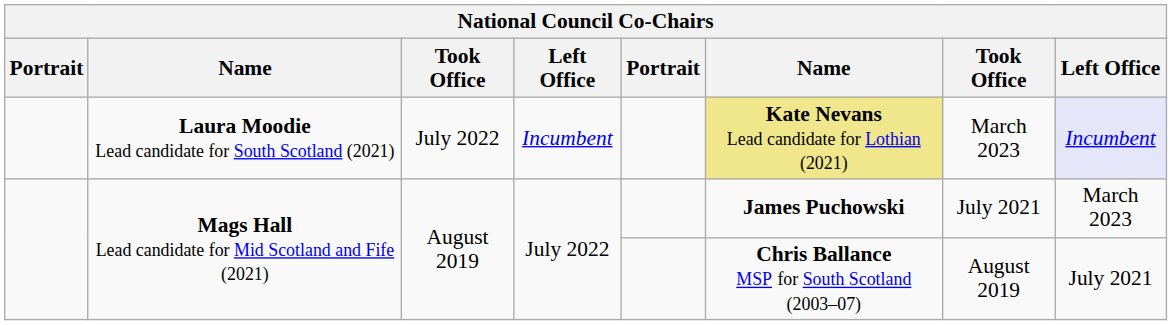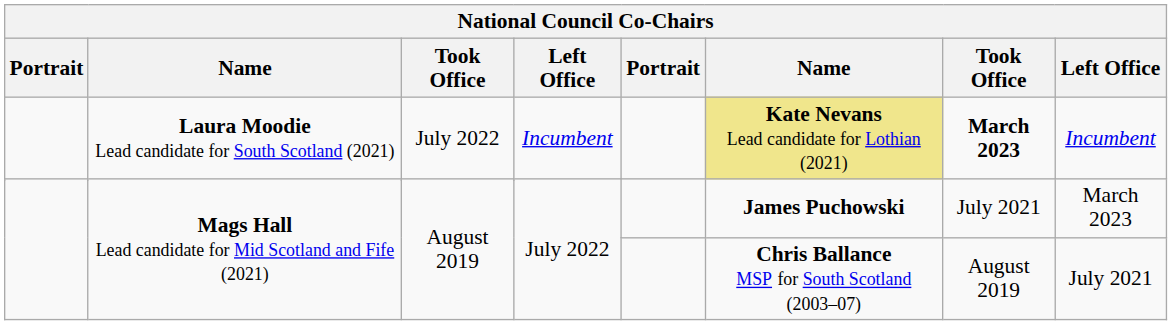 <table class="wikitable"style="text-align:center">
 <tr>
 <th colspan="8">National Council Co-Chairs</th>
 </tr>
 <tr>
 <th><strong>Portrait</strong></th>
 <th><strong>Name</strong></th>
 <th><strong>Took Office</strong></th>
 <th><strong>Left Office</strong></th>
 <th><strong>Portrait</strong></th>
 <th><strong>Name</strong></th>
 <th><strong>Took Office</strong></th>
 <th><strong>Left Office</strong></th>
 </tr>
 <tr>
 <td rowspan="2"></td>
 <td rowspan="2"><strong>Laura Moodie</strong><br><small>Lead candidate for <a href='#'>South Scotland</a> (2021)</small></td>
 <td rowspan="2">July 2022</td>
 <td rowspan="2"><em><a href='#'>Incumbent</a></em></td>
 <td></td>
 <td style="background: khaki;"><strong>Kate Nevans</strong><br><small>Lead candidate for <a href='#'>Lothian</a> (2021)</small></td>
-<td>March 2023</td>
-<td style="background: lavender;"><em><a href='#'>Incumbent</a></em></td>
+<td><strong>March 2023</strong></td>
+<td><em><a href='#'>Incumbent</a></em></td>
 </tr>
 <tr>
 <td rowspan="2"></td>
 <td rowspan="2"><strong>James Puchowski</strong></td>
 <td rowspan="2">July 2021</td>
 <td rowspan="2">March 2023</td>
 </tr>
 <tr>
 <td rowspan="2"></td>
 <td rowspan="2"><strong>Mags Hall</strong><br><small>Lead candidate for <a href='#'>Mid Scotland and Fife</a> (2021)</small></td>
 <td rowspan="2">August 2019</td>
 <td rowspan="2">July 2022</td>
 </tr>
 <tr>
 <td></td>
 <td><strong>Chris Ballance</strong><br><a href='#'><small>MSP</small></a> <small>for <a href='#'>South Scotland</a> (2003–07)</small></td>
 <td>August 2019</td>
 <td>July 2021</td>
 </tr>
 </table>
